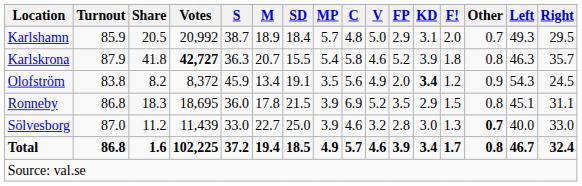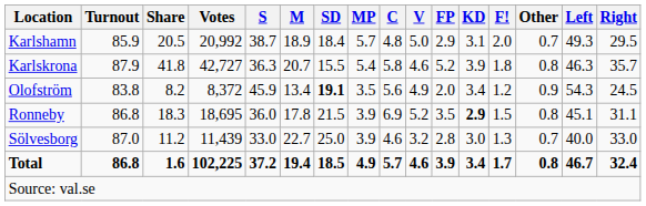 <table class="wikitable sortable" style=text-align:right>
 <tr>
 <th>Location</th>
 <th>Turnout</th>
 <th>Share</th>
 <th>Votes</th>
 <th><a href='#'>S</a></th>
 <th><a href='#'>M</a></th>
 <th><a href='#'>SD</a></th>
 <th><a href='#'>MP</a></th>
 <th><a href='#'>C</a></th>
 <th><a href='#'>V</a></th>
 <th><a href='#'>FP</a></th>
 <th><a href='#'>KD</a></th>
 <th><a href='#'>F!</a></th>
 <th>Other</th>
 <th><a href='#'>Left</a></th>
 <th><a href='#'>Right</a></th>
 </tr>
 <tr>
 <td align=left><a href='#'>Karlshamn</a></td>
 <td>85.9</td>
 <td>20.5</td>
 <td>20,992</td>
 <td>38.7</td>
 <td>18.9</td>
 <td>18.4</td>
 <td>5.7</td>
 <td>4.8</td>
 <td>5.0</td>
 <td>2.9</td>
 <td>3.1</td>
 <td>2.0</td>
 <td>0.7</td>
 <td>49.3</td>
 <td>29.5</td>
 </tr>
 <tr>
 <td align=left><a href='#'>Karlskrona</a></td>
 <td>87.9</td>
 <td>41.8</td>
-<td><strong>42,727</strong></td>
+<td>42,727</td>
 <td>36.3</td>
 <td>20.7</td>
 <td>15.5</td>
 <td>5.4</td>
 <td>5.8</td>
 <td>4.6</td>
 <td>5.2</td>
 <td>3.9</td>
 <td>1.8</td>
 <td>0.8</td>
 <td>46.3</td>
 <td>35.7</td>
 </tr>
 <tr>
 <td align=left><a href='#'>Olofström</a></td>
 <td>83.8</td>
 <td>8.2</td>
 <td>8,372</td>
 <td>45.9</td>
 <td>13.4</td>
-<td>19.1</td>
+<td><strong>19.1</strong></td>
 <td>3.5</td>
 <td>5.6</td>
 <td>4.9</td>
 <td>2.0</td>
-<td><strong>3.4</strong></td>
+<td>3.4</td>
 <td>1.2</td>
 <td>0.9</td>
 <td>54.3</td>
 <td>24.5</td>
 </tr>
 <tr>
 <td align=left><a href='#'>Ronneby</a></td>
 <td>86.8</td>
 <td>18.3</td>
 <td>18,695</td>
 <td>36.0</td>
 <td>17.8</td>
 <td>21.5</td>
 <td>3.9</td>
 <td>6.9</td>
 <td>5.2</td>
 <td>3.5</td>
-<td>2.9</td>
+<td><strong>2.9</strong></td>
 <td>1.5</td>
 <td>0.8</td>
 <td>45.1</td>
 <td>31.1</td>
 </tr>
 <tr>
 <td align=left><a href='#'>Sölvesborg</a></td>
 <td>87.0</td>
 <td>11.2</td>
 <td>11,439</td>
 <td>33.0</td>
 <td>22.7</td>
 <td>25.0</td>
 <td>3.9</td>
 <td>4.6</td>
 <td>3.2</td>
 <td>2.8</td>
 <td>3.0</td>
 <td>1.3</td>
-<td><strong>0.7</strong></td>
+<td>0.7</td>
 <td>40.0</td>
 <td>33.0</td>
 </tr>
 <tr>
 <td align=left><strong>Total</strong></td>
 <td><strong>86.8</strong></td>
 <td><strong>1.6</strong></td>
 <td><strong>102,225</strong></td>
 <td><strong>37.2</strong></td>
 <td><strong>19.4</strong></td>
 <td><strong>18.5</strong></td>
 <td><strong>4.9</strong></td>
 <td><strong>5.7</strong></td>
 <td><strong>4.6</strong></td>
 <td><strong>3.9</strong></td>
 <td><strong>3.4</strong></td>
 <td><strong>1.7</strong></td>
 <td><strong>0.8</strong></td>
 <td><strong>46.7</strong></td>
 <td><strong>32.4</strong></td>
 </tr>
 <tr>
 <td align=left colspan=16>Source: val.se </td>
 </tr>
 </table>
